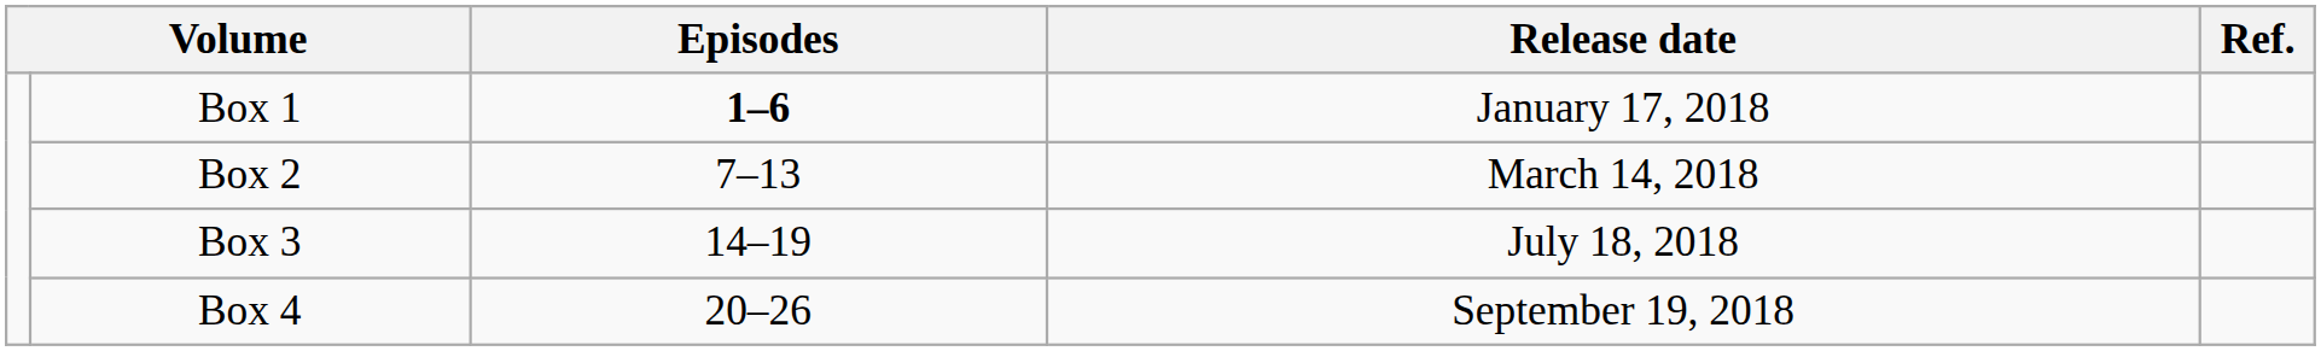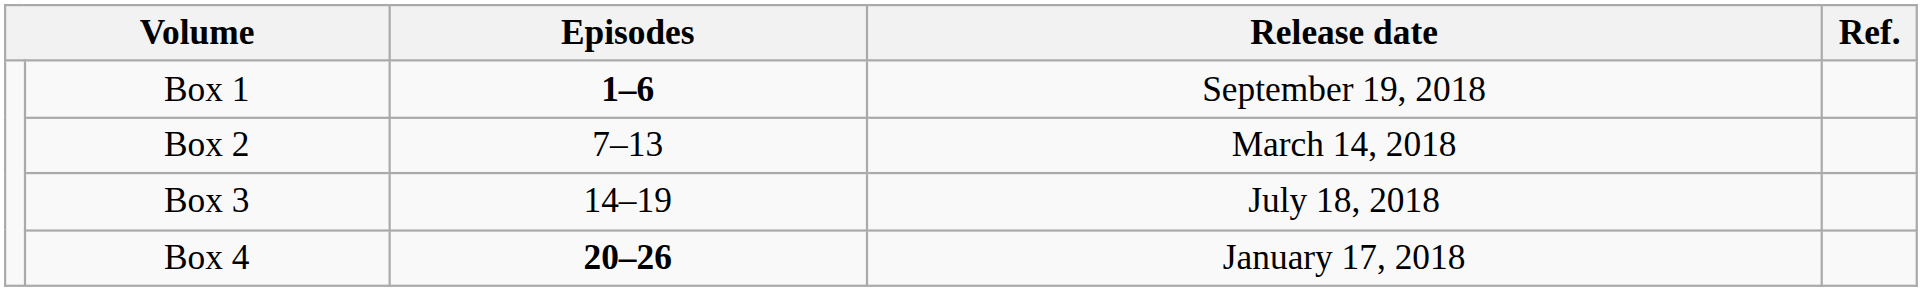 <table class="wikitable" style="text-align: center; width: 98%;">
 <tr>
 <th colspan="2">Volume</th>
 <th>Episodes</th>
 <th>Release date</th>
 <th width="5%">Ref.</th>
 </tr>
 <tr>
 <td rowspan="5" width="1%"></td>
 <td>Box 1</td>
 <td><strong>1–6</strong></td>
-<td>January 17, 2018</td>
+<td>September 19, 2018</td>
 <td></td>
 </tr>
 <tr>
 <td>Box 2</td>
 <td>7–13</td>
 <td>March 14, 2018</td>
 <td></td>
 </tr>
 <tr>
 <td>Box 3</td>
 <td>14–19</td>
 <td>July 18, 2018</td>
 <td></td>
 </tr>
 <tr>
 <td>Box 4</td>
-<td>20–26</td>
-<td>September 19, 2018</td>
+<td><strong>20–26</strong></td>
+<td>January 17, 2018</td>
 <td></td>
 </tr>
 </table>
